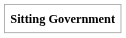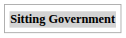 <table Cellpadding="1.5" CellSpacing="0" border=0 style="font-size:85%;border:1px solid #AAAAAA;padding:5px" align="right">
 <tr>
 <td></td>
 </tr>
 <tr>
-<td style="vertical-align:top;"><strong>Sitting Government</strong></td>
+<td style="background: lightgrey; vertical-align:top;"><strong>Sitting Government</strong></td>
 </tr>
 </table>
